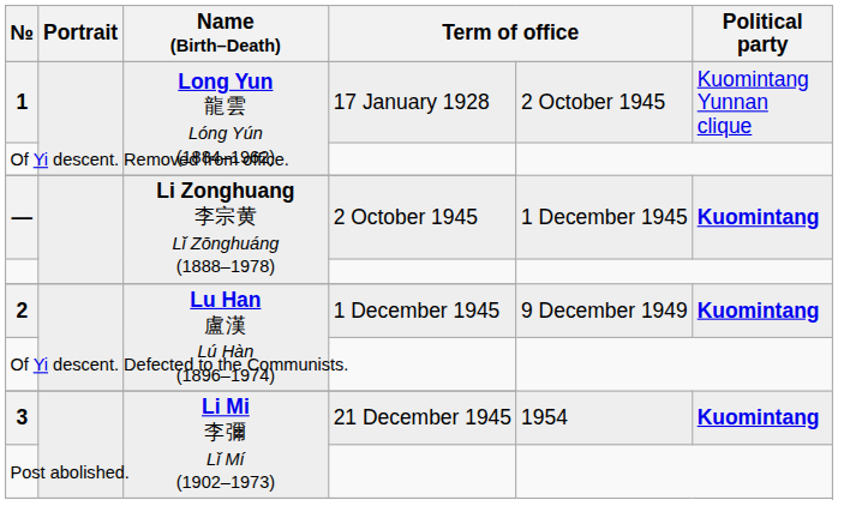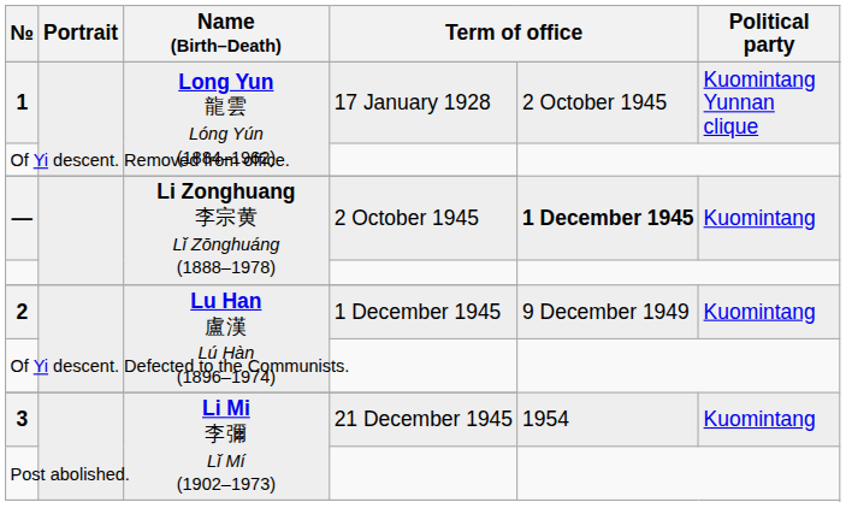 <table class="wikitable">
 <tr ->
 <th>№</th>
 <th>Portrait</th>
 <th width=150px>Name<br><small>(Birth–Death)</small></th>
 <th colspan=2 width=200px>Term of office</th>
 <th width=100px>Political party</th>
 </tr>
 <tr ->
 </tr>
 <tr - bgcolor=#EEEEEE>
 <th style="background:">1</th>
 <td rowspan=2 align=center></td>
 <td rowspan=2 align=center><strong><a href='#'>Long Yun</a></strong><br><span>龍雲</span><br><small><em>Lóng Yún</em><br>(1884–1962)</small></td>
 <td>17 January 1928</td>
 <td>2 October 1945</td>
 <td><a href='#'>Kuomintang</a><br><a href='#'>Yunnan clique</a></td>
 </tr>
 <tr>
 <td colspan=4><small>Of <a href='#'>Yi</a> descent. Removed from office.</small></td>
 </tr>
 <tr ->
 </tr>
 <tr - bgcolor=#EEEEEE>
 <th style="background:">—</th>
 <td rowspan=2 align=center></td>
 <td rowspan=2 align=center><strong>Li Zonghuang</strong><br><span>李宗黄</span><br><small><em>Lǐ Zōnghuáng</em><br>(1888–1978)</small></td>
 <td>2 October 1945</td>
-<td>1 December 1945</td>
-<td><strong><a href='#'>Kuomintang</a></strong></td>
+<td><strong>1 December 1945</strong></td>
+<td><a href='#'>Kuomintang</a></td>
 </tr>
 <tr>
 <td colspan=4><small></small></td>
 </tr>
 <tr ->
 </tr>
 <tr - bgcolor=#EEEEEE>
 <th style="background:">2</th>
 <td rowspan=2 align=center></td>
 <td rowspan=2 align=center><strong><a href='#'>Lu Han</a></strong><br><span>盧漢</span><br><small><em>Lú Hàn</em><br>(1896–1974)</small></td>
 <td>1 December 1945</td>
 <td>9 December 1949</td>
-<td><strong><a href='#'>Kuomintang</a></strong></td>
+<td><a href='#'>Kuomintang</a></td>
 </tr>
 <tr>
 <td colspan=4><small>Of <a href='#'>Yi</a> descent. Defected to the Communists.</small></td>
 </tr>
 <tr ->
 </tr>
 <tr - bgcolor=#EEEEEE>
 <th style="background:">3</th>
 <td rowspan=2 align=center></td>
 <td rowspan=2 align=center><strong><a href='#'>Li Mi</a></strong><br><span>李彌</span><br><small><em>Lǐ Mí</em><br>(1902–1973)</small></td>
 <td>21 December 1945</td>
 <td>1954</td>
-<td><strong><a href='#'>Kuomintang</a></strong></td>
+<td><a href='#'>Kuomintang</a></td>
 </tr>
 <tr>
 <td colspan=4><small>Post abolished.</small></td>
 </tr>
 <tr ->
 </tr>
 </table>
